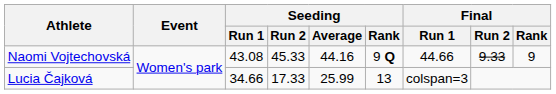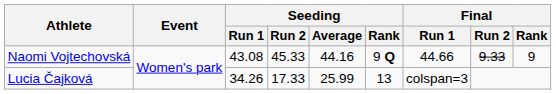 <table class=wikitable style=font-size:90%;text-align:center>
 <tr>
 <th rowspan=2>Athlete</th>
 <th rowspan=2>Event</th>
 <th colspan=4>Seeding</th>
 <th colspan=3>Final</th>
 </tr>
 <tr style=font-size:95%>
 <th>Run 1</th>
 <th>Run 2</th>
 <th>Average</th>
 <th>Rank</th>
 <th>Run 1</th>
 <th>Run 2</th>
 <th>Rank</th>
 </tr>
 <tr>
 <td align=left><a href='#'>Naomi Vojtechovská</a></td>
 <td align=left rowspan=2><a href='#'>Women's park</a></td>
 <td>43.08</td>
 <td>45.33</td>
 <td>44.16</td>
 <td>9 <strong>Q</strong></td>
 <td>44.66</td>
 <td><s>9.33</s></td>
 <td>9</td>
 </tr>
 <tr>
 <td align=left><a href='#'>Lucia Čajková</a></td>
-<td>34.66</td>
+<td>34.26</td>
 <td>17.33</td>
 <td>25.99</td>
 <td>13</td>
 <td>colspan=3 </td>
 </tr>
 </table>
